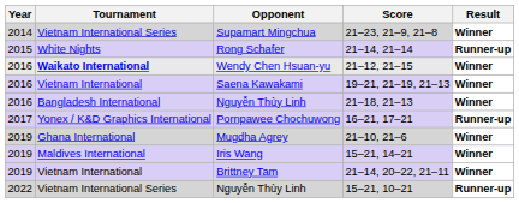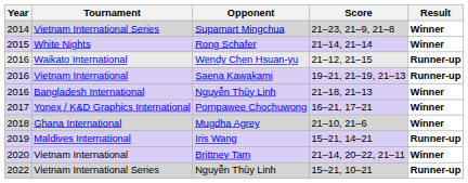 <table class="sortable wikitable" style="font-size: 90%;">
 <tr>
 <th>Year</th>
 <th>Tournament</th>
 <th>Opponent</th>
 <th>Score</th>
 <th>Result</th>
 </tr>
 <tr style="background:#D5D5D5">
 <td align="center">2014</td>
 <td align="left"><a href='#'>Vietnam International Series</a></td>
 <td align="left"> <a href='#'>Supamart Mingchua</a></td>
 <td align="left">21–23, 21–9, 21–8</td>
 <td style="text-align:left; background:white"> <strong>Winner</strong></td>
 </tr>
 <tr style="background:#D8CEF6">
 <td align="center">2015</td>
 <td align="left"><a href='#'>White Nights</a></td>
 <td align="left"> <a href='#'>Rong Schafer</a></td>
 <td align="left">21–14, 21–14</td>
-<td style="text-align:left; background:white"> <strong>Runner-up</strong></td>
+<td style="text-align:left; background:white"> <strong>Winner</strong></td>
 </tr>
 <tr style="background:#E9E9E9">
 <td align="center">2016</td>
-<td align="left"><strong><a href='#'>Waikato International</a></strong></td>
+<td align="left"><a href='#'>Waikato International</a></td>
 <td align="left"> <a href='#'>Wendy Chen Hsuan-yu</a></td>
 <td align="left">21–12, 21–15</td>
-<td style="text-align:left; background:white"> <strong>Winner</strong></td>
+<td style="text-align:left; background:white"> <strong>Runner-up</strong></td>
 </tr>
 <tr style="background:#D8CEF6">
 <td align="center">2016</td>
 <td align="left"><a href='#'>Vietnam International</a></td>
 <td align="left"> <a href='#'>Saena Kawakami</a></td>
 <td align="left">19–21, 21–19, 21–13</td>
-<td style="text-align:left; background:white"> <strong>Winner</strong></td>
+<td style="text-align:left; background:white"> <strong>Runner-up</strong></td>
 </tr>
 <tr style="background:#D8CEF6">
 <td align="center">2016</td>
 <td align="left"><a href='#'>Bangladesh International</a></td>
 <td align="left"> <a href='#'>Nguyễn Thùy Linh</a></td>
 <td align="left">21–18, 21–13</td>
 <td style="text-align:left; background:white"> <strong>Winner</strong></td>
 </tr>
 <tr style="background:#D8CEF6">
 <td align="center">2017</td>
 <td align="left"><a href='#'>Yonex / K&D Graphics International</a></td>
 <td align="left"> <a href='#'>Pornpawee Chochuwong</a></td>
 <td align="left">16–21, 17–21</td>
-<td style="text-align:left; background:white"> <strong>Runner-up</strong></td>
+<td style="text-align:left; background:white"> <strong>Winner</strong></td>
 </tr>
 <tr style="background:#D5D5D5">
-<td align="center">2019</td>
+<td align="center">2018</td>
 <td align="left"><a href='#'>Ghana International</a></td>
 <td align="left"> <a href='#'>Mugdha Agrey</a></td>
 <td align="left">21–10, 21–6</td>
 <td style="text-align:left; background:white"> <strong>Winner</strong></td>
 </tr>
 <tr style="background:#D8CEF6">
 <td align="center">2019</td>
 <td align="left"><a href='#'>Maldives International</a></td>
 <td align="left"> <a href='#'>Iris Wang</a></td>
 <td align="left">15–21, 14–21</td>
-<td style="text-align:left; background:white"> <strong>Winner</strong></td>
+<td style="text-align:left; background:white"> <strong>Runner-up</strong></td>
 </tr>
 <tr style="background:#D8CEF6">
-<td align="center">2019</td>
+<td align="center">2020</td>
 <td align="left">Vietnam International</td>
 <td align="left"> <a href='#'>Brittney Tam</a></td>
 <td align="left">21–14, 20–22, 21–11</td>
 <td style="text-align:left; background:white"> <strong>Winner</strong></td>
 </tr>
 <tr style="background:#D5D5D5">
 <td align="center">2022</td>
 <td align="left">Vietnam International Series</td>
 <td align="left"> Nguyễn Thùy Linh</td>
 <td align="left">15–21, 10–21</td>
 <td style="text-align:left; background:white"> <strong>Runner-up</strong></td>
 </tr>
 </table>
